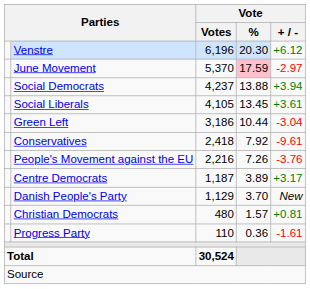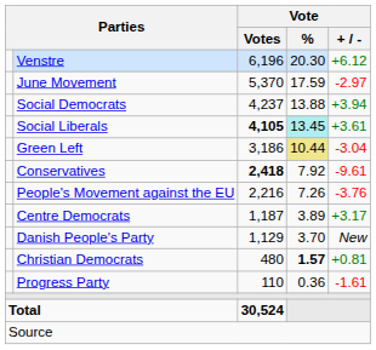 <table class="wikitable" style="text-align:right;">
 <tr>
 <th style="text-align:centre;" rowspan="2" colspan="2" width="225">Parties</th>
 <th colspan="3">Vote</th>
 </tr>
 <tr>
 <th width="15">Votes</th>
 <th width="15">%</th>
 <th width="15">+ / -</th>
 </tr>
 <tr>
 <td width="2" style="color:inherit;background:"></td>
 <td bgcolor=#cfe5fe   align="left"><a href='#'>Venstre</a></td>
 <td bgcolor=#cfe5fe>6,196</td>
 <td bgcolor=#cfe5fe>20.30</td>
 <td style=color:green;>+6.12</td>
 </tr>
 <tr>
 <td width="2" style="color:inherit;background:"></td>
 <td align="left"><a href='#'>June Movement</a></td>
 <td>5,370</td>
-<td style="background: pink;">17.59</td>
+<td>17.59</td>
 <td style=color:red;>-2.97</td>
 </tr>
 <tr>
 <td width="2" style="color:inherit;background:"></td>
 <td align="left"><a href='#'>Social Democrats</a></td>
 <td>4,237</td>
 <td>13.88</td>
 <td style=color:green;>+3.94</td>
 </tr>
 <tr>
 <td width="2" style="color:inherit;background:"></td>
 <td align="left"><a href='#'>Social Liberals</a></td>
-<td>4,105</td>
-<td>13.45</td>
+<td><strong>4,105</strong></td>
+<td style="background: paleturquoise;">13.45</td>
 <td style=color:green;>+3.61</td>
 </tr>
 <tr>
 <td width="2" style="color:inherit;background:"></td>
 <td align="left"><a href='#'>Green Left</a></td>
 <td>3,186</td>
-<td>10.44</td>
+<td style="background: khaki;">10.44</td>
 <td style=color:red;>-3.04</td>
 </tr>
 <tr>
 <td width="2" style="color:inherit;background:"></td>
 <td align="left"><a href='#'>Conservatives</a></td>
-<td>2,418</td>
+<td><strong>2,418</strong></td>
 <td>7.92</td>
 <td style=color:red;>-9.61</td>
 </tr>
 <tr>
 <td width="2" style="color:inherit;background:"></td>
 <td align="left"><a href='#'>People's Movement against the EU</a></td>
 <td>2,216</td>
 <td>7.26</td>
 <td style=color:red;>-3.76</td>
 </tr>
 <tr>
 <td width="2" style="color:inherit;background:"></td>
 <td align="left"><a href='#'>Centre Democrats</a></td>
 <td>1,187</td>
 <td>3.89</td>
 <td style=color:green;>+3.17</td>
 </tr>
 <tr>
 <td width="2" style="color:inherit;background:"></td>
 <td align="left"><a href='#'>Danish People's Party</a></td>
 <td>1,129</td>
 <td>3.70</td>
 <td><em>New</em></td>
 </tr>
 <tr>
 <td width="2" style="color:inherit;background:"></td>
 <td align="left"><a href='#'>Christian Democrats</a></td>
 <td>480</td>
-<td>1.57</td>
+<td><strong>1.57</strong></td>
 <td style=color:green;>+0.81</td>
 </tr>
 <tr>
 <td width="2" style="color:inherit;background:"></td>
 <td align="left"><a href='#'>Progress Party</a></td>
 <td>110</td>
 <td>0.36</td>
 <td style=color:red;>-1.61</td>
 </tr>
 <tr>
 <td colspan="7" bgcolor="#E9E9E9"></td>
 </tr>
 <tr>
 <td align="left" colspan="2"><strong>Total</strong></td>
 <td><strong>30,524</strong></td>
 <td bgcolor="#E9E9E9" colspan="2"></td>
 </tr>
 <tr>
 <td align="left" colspan="6">Source</td>
 </tr>
 </table>
